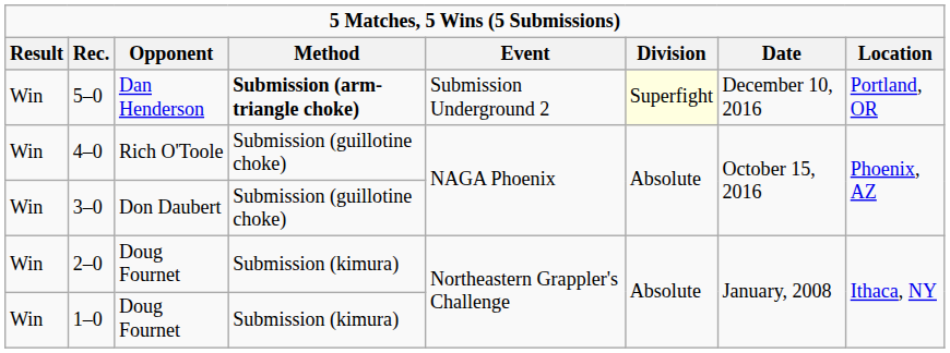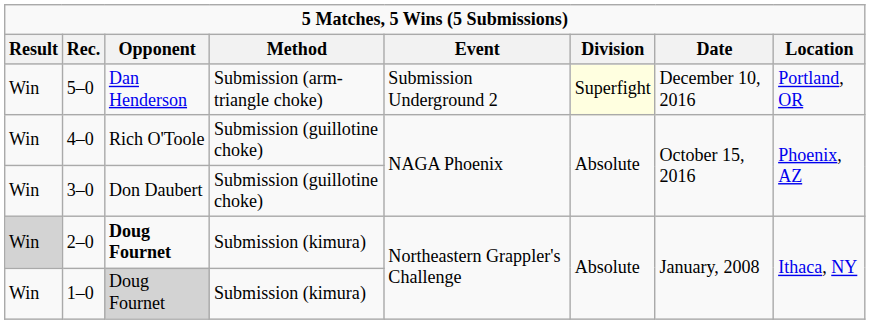 <table class="wikitable sortable" style="font-size:80%; text-align:left;">
 <tr>
 <td colspan=8 style="text-align:center;"><strong>5 Matches, 5 Wins (5 Submissions)</strong></td>
 </tr>
 <tr>
 <th>Result</th>
 <th>Rec.</th>
 <th>Opponent</th>
 <th>Method</th>
 <th>Event</th>
 <th>Division</th>
 <th>Date</th>
 <th>Location</th>
 </tr>
 <tr>
 <td>Win</td>
 <td>5–0</td>
 <td> <a href='#'>Dan Henderson</a></td>
-<td><strong>Submission (arm-triangle choke)</strong></td>
+<td>Submission (arm-triangle choke)</td>
 <td>Submission Underground 2</td>
 <td style="background: lightyellow;">Superfight</td>
 <td>December 10, 2016</td>
 <td> <a href='#'>Portland</a>, <a href='#'>OR</a></td>
 </tr>
 <tr>
 <td>Win</td>
 <td>4–0</td>
 <td> Rich O'Toole</td>
 <td>Submission (guillotine choke)</td>
 <td rowspan=2>NAGA Phoenix</td>
 <td rowspan=2>Absolute</td>
 <td rowspan=2>October 15, 2016</td>
 <td rowspan=2> <a href='#'>Phoenix</a>, <a href='#'>AZ</a></td>
 </tr>
 <tr>
 <td>Win</td>
 <td>3–0</td>
 <td> Don Daubert</td>
 <td>Submission (guillotine choke)</td>
 </tr>
 <tr>
-<td>Win</td>
+<td style="background: lightgrey;">Win</td>
 <td>2–0</td>
-<td> Doug Fournet</td>
+<td><strong> Doug Fournet</strong></td>
 <td>Submission (kimura)</td>
 <td rowspan=2>Northeastern Grappler's Challenge</td>
 <td rowspan=2>Absolute</td>
 <td rowspan=2>January, 2008</td>
 <td rowspan=2> <a href='#'>Ithaca</a>, <a href='#'>NY</a></td>
 </tr>
 <tr>
 <td>Win</td>
 <td>1–0</td>
-<td> Doug Fournet</td>
+<td style="background: lightgrey;"> Doug Fournet</td>
 <td>Submission (kimura)</td>
 </tr>
 </table>
